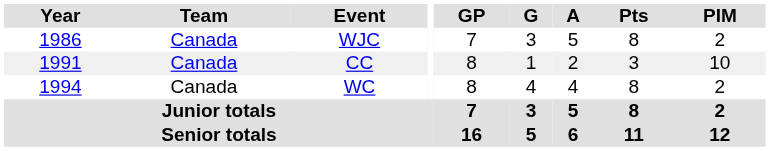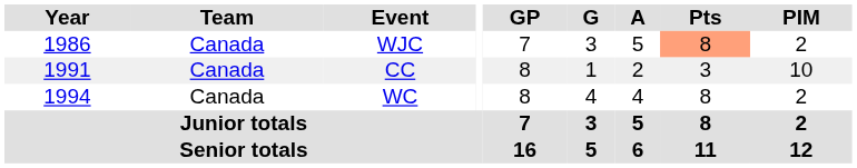 <table border="0" cellpadding="1" cellspacing="0" ID="Table3" style="text-align:center; width:40em">
 <tr bgcolor="#e0e0e0">
 <th>Year</th>
 <th>Team</th>
 <th>Event</th>
 <th rowspan="102" bgcolor="#ffffff"></th>
 <th>GP</th>
 <th>G</th>
 <th>A</th>
 <th>Pts</th>
 <th>PIM</th>
 </tr>
 <tr>
 <td><a href='#'>1986</a></td>
 <td><a href='#'>Canada</a></td>
 <td><a href='#'>WJC</a></td>
 <td>7</td>
 <td>3</td>
 <td>5</td>
-<td>8</td>
+<td style="background: lightsalmon;">8</td>
 <td>2</td>
 </tr>
 <tr bgcolor="#f0f0f0">
 <td><a href='#'>1991</a></td>
 <td><a href='#'>Canada</a></td>
 <td><a href='#'>CC</a></td>
 <td>8</td>
 <td>1</td>
 <td>2</td>
 <td>3</td>
 <td>10</td>
 </tr>
 <tr ALIGN="center">
 <td><a href='#'>1994</a></td>
 <td>Canada</td>
 <td><a href='#'>WC</a></td>
 <td>8</td>
 <td>4</td>
 <td>4</td>
 <td>8</td>
 <td>2</td>
 </tr>
 <tr bgcolor="#e0e0e0">
 <th colspan="4">Junior totals</th>
 <th>7</th>
 <th>3</th>
 <th>5</th>
 <th>8</th>
 <th>2</th>
 </tr>
 <tr bgcolor="#e0e0e0">
 <th colspan="4">Senior totals</th>
 <th>16</th>
 <th>5</th>
 <th>6</th>
 <th>11</th>
 <th>12</th>
 </tr>
 </table>
